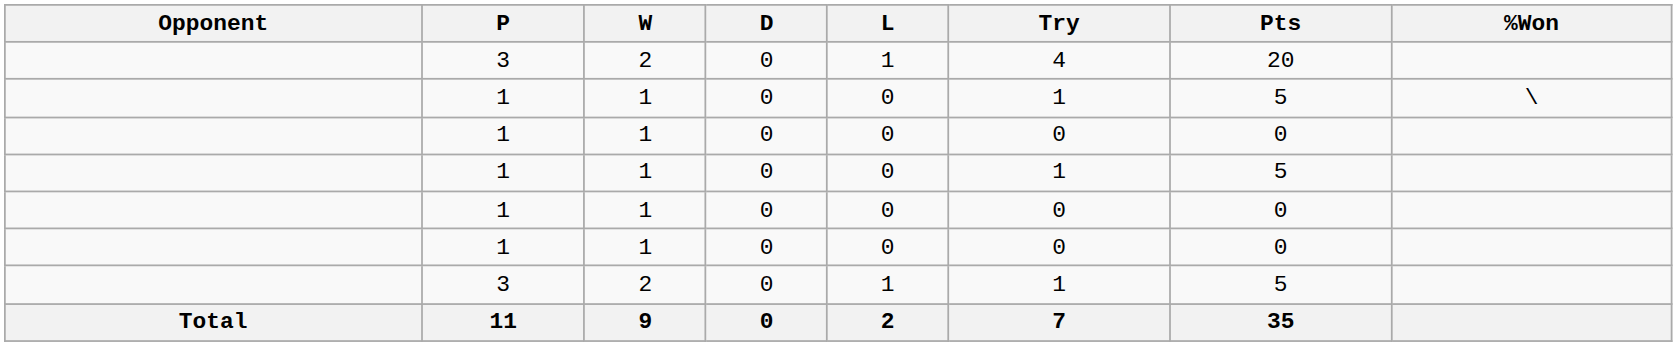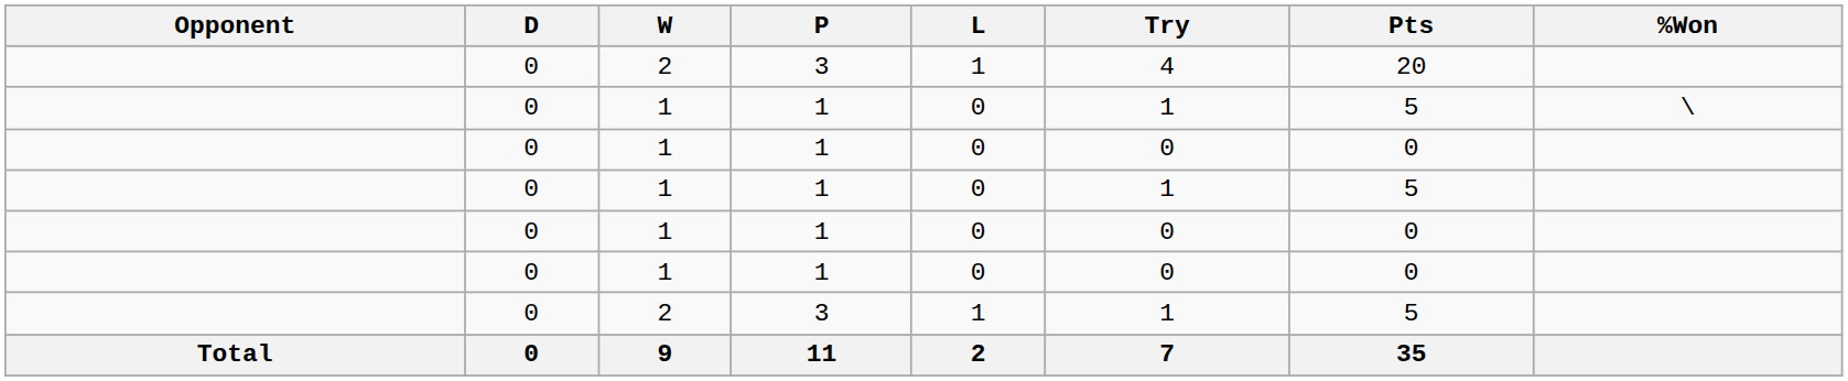 <table class="wikitable sortable" style="text-align:center;width:75%">
 <tr>
 <th style="width:25%;">Opponent</th>
+<th abbr="Drawn" style="width:10px;">D</th>
+<th abbr="Won" style="width:10px;">W</th>
 <th abbr="Played" style="width:15px;">P</th>
-<th abbr="Won" style="width:10px;">W</th>
-<th abbr="Drawn" style="width:10px;">D</th>
 <th abbr="Lost" style="width:10px;">L</th>
 <th abbr="Tries" style="width:15px;">Try</th>
 <th abbr="Points" style="width:18px;">Pts</th>
 <th abbr="Won" style="width:15px;">%Won</th>
 </tr>
 <tr>
 <td align="left"></td>
+<td>0</td>
+<td>2</td>
 <td>3</td>
-<td>2</td>
-<td>0</td>
 <td>1</td>
 <td>4</td>
 <td>20</td>
 <td></td>
 </tr>
 <tr>
 <td align="left"></td>
+<td>0</td>
 <td>1</td>
 <td>1</td>
-<td>0</td>
 <td>0</td>
 <td>1</td>
 <td>5</td>
 <td>\</td>
 </tr>
 <tr>
 <td align="left"></td>
+<td>0</td>
 <td>1</td>
 <td>1</td>
-<td>0</td>
 <td>0</td>
 <td>0</td>
 <td>0</td>
 <td></td>
 </tr>
 <tr>
 <td align="left"></td>
+<td>0</td>
 <td>1</td>
 <td>1</td>
-<td>0</td>
 <td>0</td>
 <td>1</td>
 <td>5</td>
 <td></td>
 </tr>
 <tr>
 <td align="left"></td>
+<td>0</td>
 <td>1</td>
 <td>1</td>
-<td>0</td>
 <td>0</td>
 <td>0</td>
 <td>0</td>
 <td></td>
 </tr>
 <tr>
 <td align="left"></td>
+<td>0</td>
 <td>1</td>
 <td>1</td>
-<td>0</td>
 <td>0</td>
 <td>0</td>
 <td>0</td>
 <td></td>
 </tr>
 <tr>
 <td align="left"></td>
+<td>0</td>
+<td>2</td>
 <td>3</td>
-<td>2</td>
-<td>0</td>
 <td>1</td>
 <td>1</td>
 <td>5</td>
 <td></td>
 </tr>
 <tr>
 <th>Total</th>
+<th>0</th>
+<th>9</th>
 <th>11</th>
-<th>9</th>
-<th>0</th>
 <th>2</th>
 <th>7</th>
 <th>35</th>
 <th></th>
 </tr>
 </table>
